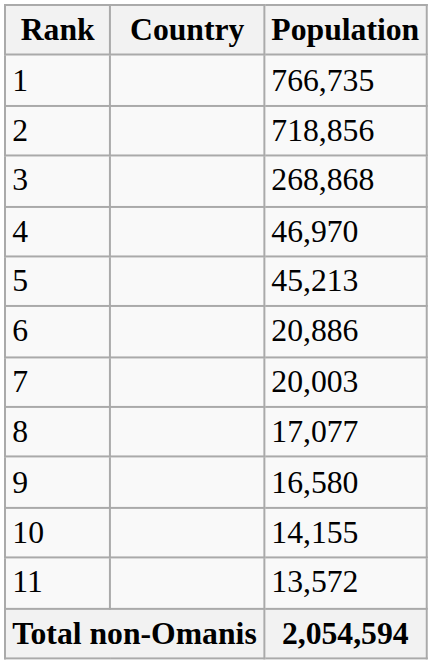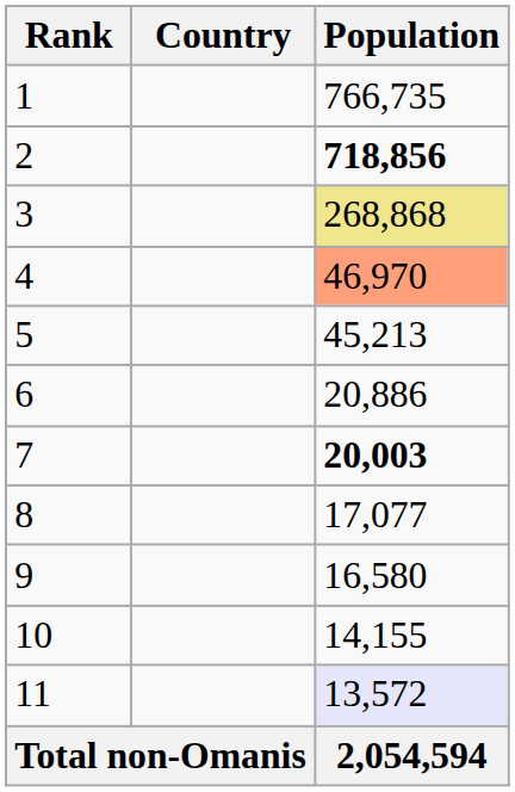 <table class="wikitable sortable">
 <tr>
 <th>Rank</th>
 <th>Country</th>
 <th>Population</th>
 </tr>
 <tr>
 <td>1</td>
 <td></td>
 <td>766,735</td>
 </tr>
 <tr>
 <td>2</td>
 <td></td>
-<td>718,856</td>
+<td><strong>718,856</strong></td>
 </tr>
 <tr>
 <td>3</td>
 <td></td>
-<td>268,868</td>
+<td style="background: khaki;">268,868</td>
 </tr>
 <tr>
 <td>4</td>
 <td></td>
-<td>46,970</td>
+<td style="background: lightsalmon;">46,970</td>
 </tr>
 <tr>
 <td>5</td>
 <td></td>
 <td>45,213</td>
 </tr>
 <tr>
 <td>6</td>
 <td></td>
 <td>20,886</td>
 </tr>
 <tr>
 <td>7</td>
 <td></td>
-<td>20,003</td>
+<td><strong>20,003</strong></td>
 </tr>
 <tr>
 <td>8</td>
 <td></td>
 <td>17,077</td>
 </tr>
 <tr>
 <td>9</td>
 <td></td>
 <td>16,580</td>
 </tr>
 <tr>
 <td>10</td>
 <td></td>
 <td>14,155</td>
 </tr>
 <tr>
 <td>11</td>
 <td></td>
-<td>13,572</td>
+<td style="background: lavender;">13,572</td>
 </tr>
 <tr>
 <th colspan="2">Total non-Omanis</th>
 <th>2,054,594</th>
 </tr>
 </table>
